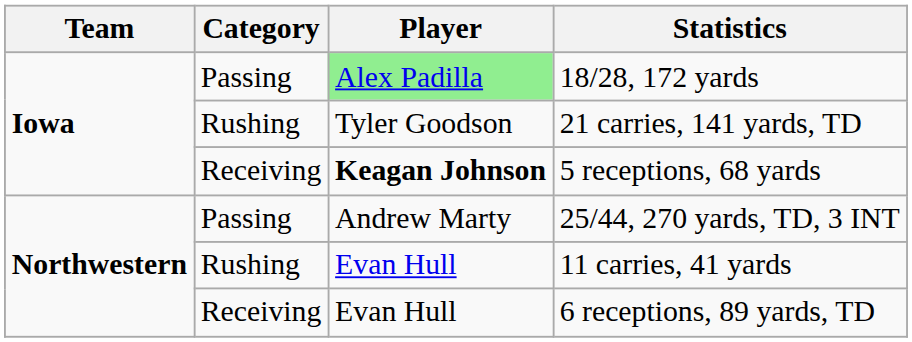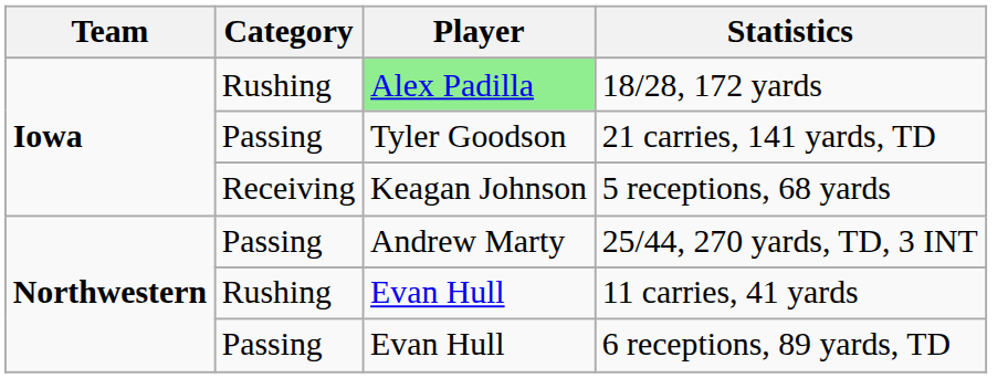 <table class="wikitable" style="float: left;">
 <tr>
 <th>Team</th>
 <th>Category</th>
 <th>Player</th>
 <th>Statistics</th>
 </tr>
 <tr>
 <td rowspan=3><strong>Iowa</strong></td>
-<td>Passing</td>
+<td>Rushing</td>
 <td style="background: lightgreen;"><a href='#'>Alex Padilla</a></td>
 <td>18/28, 172 yards</td>
 </tr>
 <tr>
-<td>Rushing</td>
+<td>Passing</td>
 <td>Tyler Goodson</td>
 <td>21 carries, 141 yards, TD</td>
 </tr>
 <tr>
 <td>Receiving</td>
-<td><strong>Keagan Johnson</strong></td>
+<td>Keagan Johnson</td>
 <td>5 receptions, 68 yards</td>
 </tr>
 <tr>
 <td rowspan=3><strong>Northwestern</strong></td>
 <td>Passing</td>
 <td>Andrew Marty</td>
 <td>25/44, 270 yards, TD, 3 INT</td>
 </tr>
 <tr>
 <td>Rushing</td>
 <td><a href='#'>Evan Hull</a></td>
 <td>11 carries, 41 yards</td>
 </tr>
 <tr>
-<td>Receiving</td>
+<td>Passing</td>
 <td>Evan Hull</td>
 <td>6 receptions, 89 yards, TD</td>
 </tr>
 </table>
